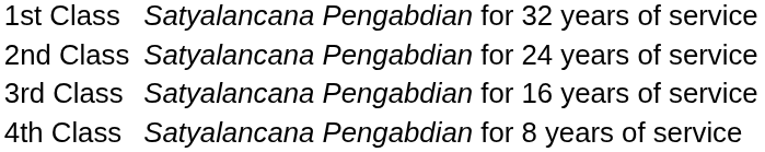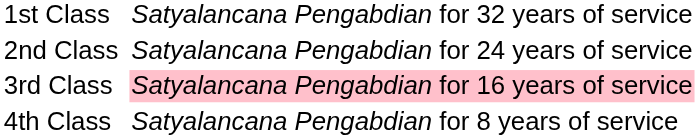 <table>
 <tr>
 <td>1st Class</td>
 <td></td>
 <td><em>Satyalancana Pengabdian</em> for 32 years of service</td>
 </tr>
 <tr>
 <td>2nd Class</td>
 <td></td>
 <td><em>Satyalancana Pengabdian</em> for 24 years of service</td>
 </tr>
 <tr>
 <td>3rd Class</td>
 <td></td>
-<td><em>Satyalancana Pengabdian</em> for 16 years of service</td>
+<td style="background: pink;"><em>Satyalancana Pengabdian</em> for 16 years of service</td>
 </tr>
 <tr>
 <td>4th Class</td>
 <td></td>
 <td><em>Satyalancana Pengabdian</em> for 8 years of service</td>
 </tr>
 </table>
